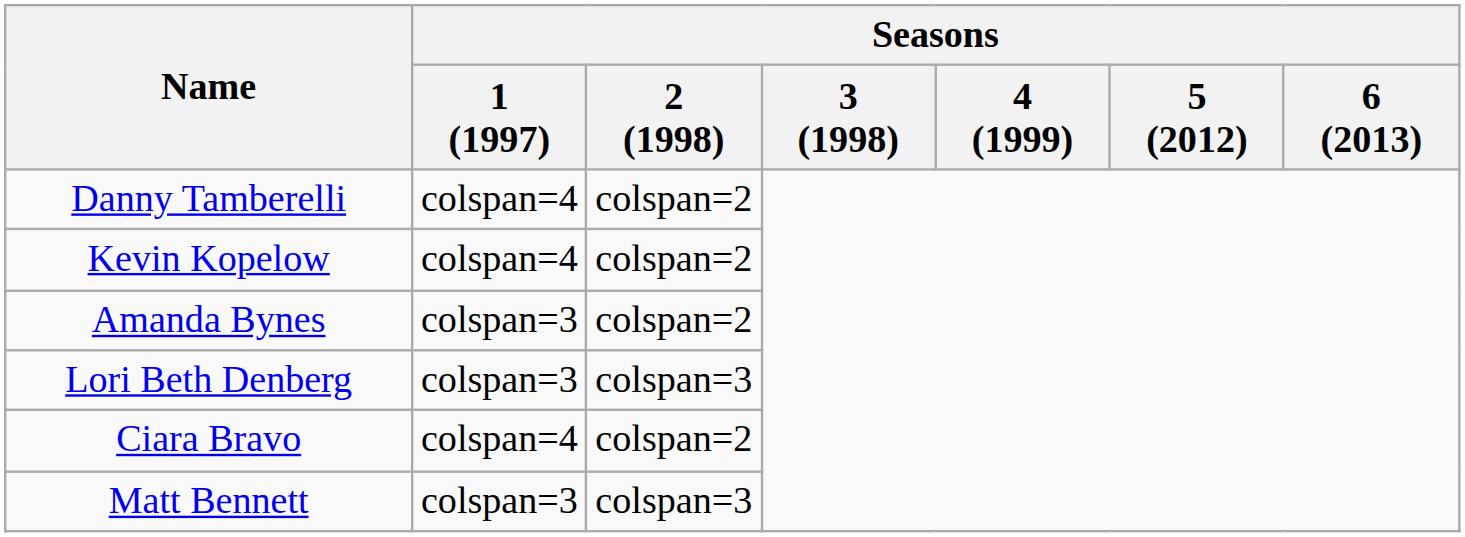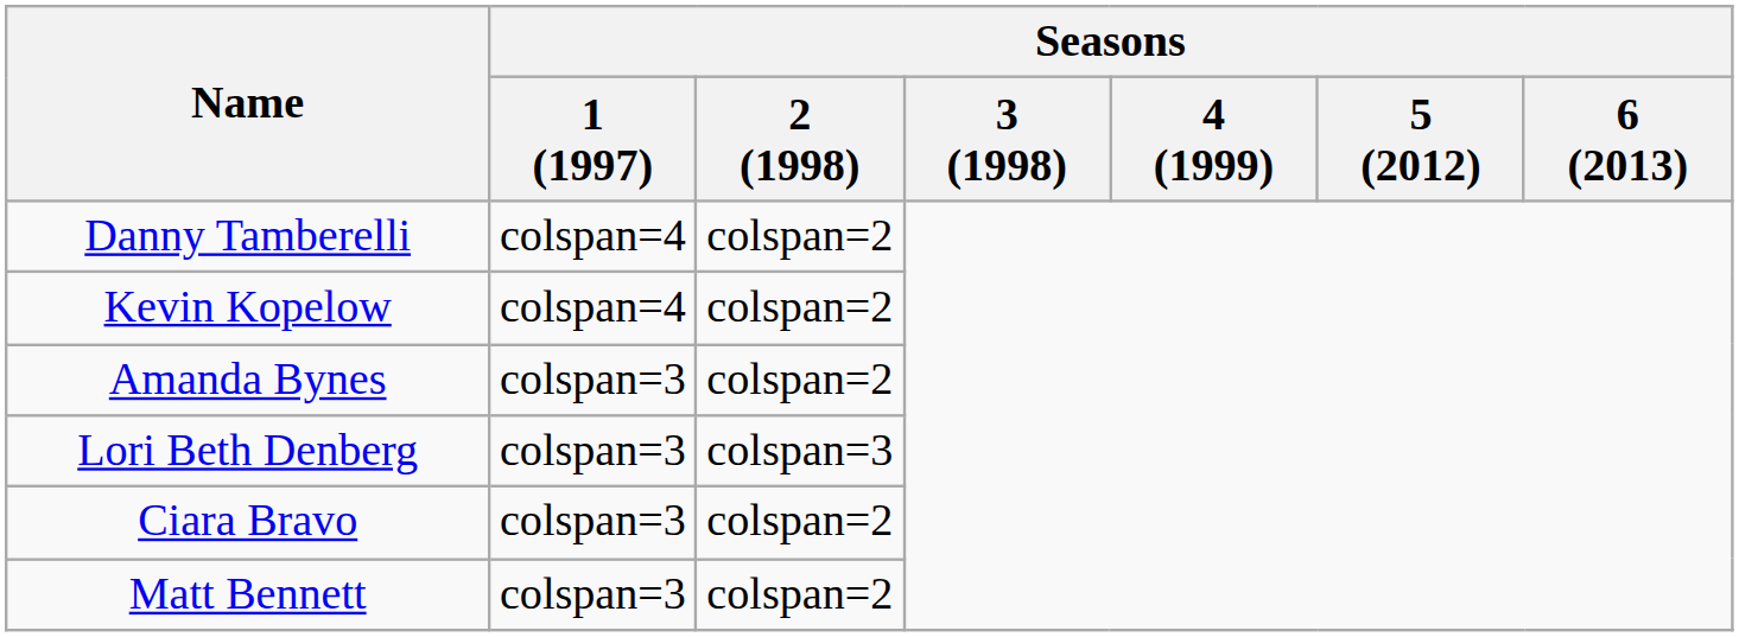 <table class="wikitable plainrowheaders" style="text-align:center;">
 <tr>
 <th scope="col" rowspan="2" style="width:28%;">Name</th>
 <th scope="col" colspan="6" style="width:72%;">Seasons</th>
 </tr>
 <tr>
 <th scope="col" style="width:12%;">1<br>(1997)</th>
 <th scope="col" style="width:12%;">2<br>(1998)</th>
 <th scope="col" style="width:12%;">3<br>(1998)</th>
 <th scope="col" style="width:12%;">4<br>(1999)</th>
 <th scope="col" style="width:12%;">5<br>(2012)</th>
 <th scope="col" style="width:12%;">6<br>(2013)</th>
 </tr>
 <tr>
 <td scope="row"><a href='#'>Danny Tamberelli</a></td>
 <td>colspan=4 </td>
 <td>colspan=2 </td>
 </tr>
 <tr>
 <td scope="row"><a href='#'>Kevin Kopelow</a></td>
 <td>colspan=4 </td>
 <td>colspan=2 </td>
 </tr>
 <tr>
 <td scope="row"><a href='#'>Amanda Bynes</a></td>
 <td>colspan=3 </td>
 <td>colspan=2 </td>
 </tr>
 <tr>
 <td scope="row"><a href='#'>Lori Beth Denberg</a></td>
 <td>colspan=3 </td>
 <td>colspan=3 </td>
 </tr>
 <tr>
 <td scope="row"><a href='#'>Ciara Bravo</a></td>
-<td>colspan=4 </td>
+<td>colspan=3 </td>
 <td>colspan=2 </td>
 </tr>
 <tr>
 <td scope="row"><a href='#'>Matt Bennett</a></td>
 <td>colspan=3 </td>
-<td>colspan=3 </td>
+<td>colspan=2 </td>
 </tr>
 </table>
